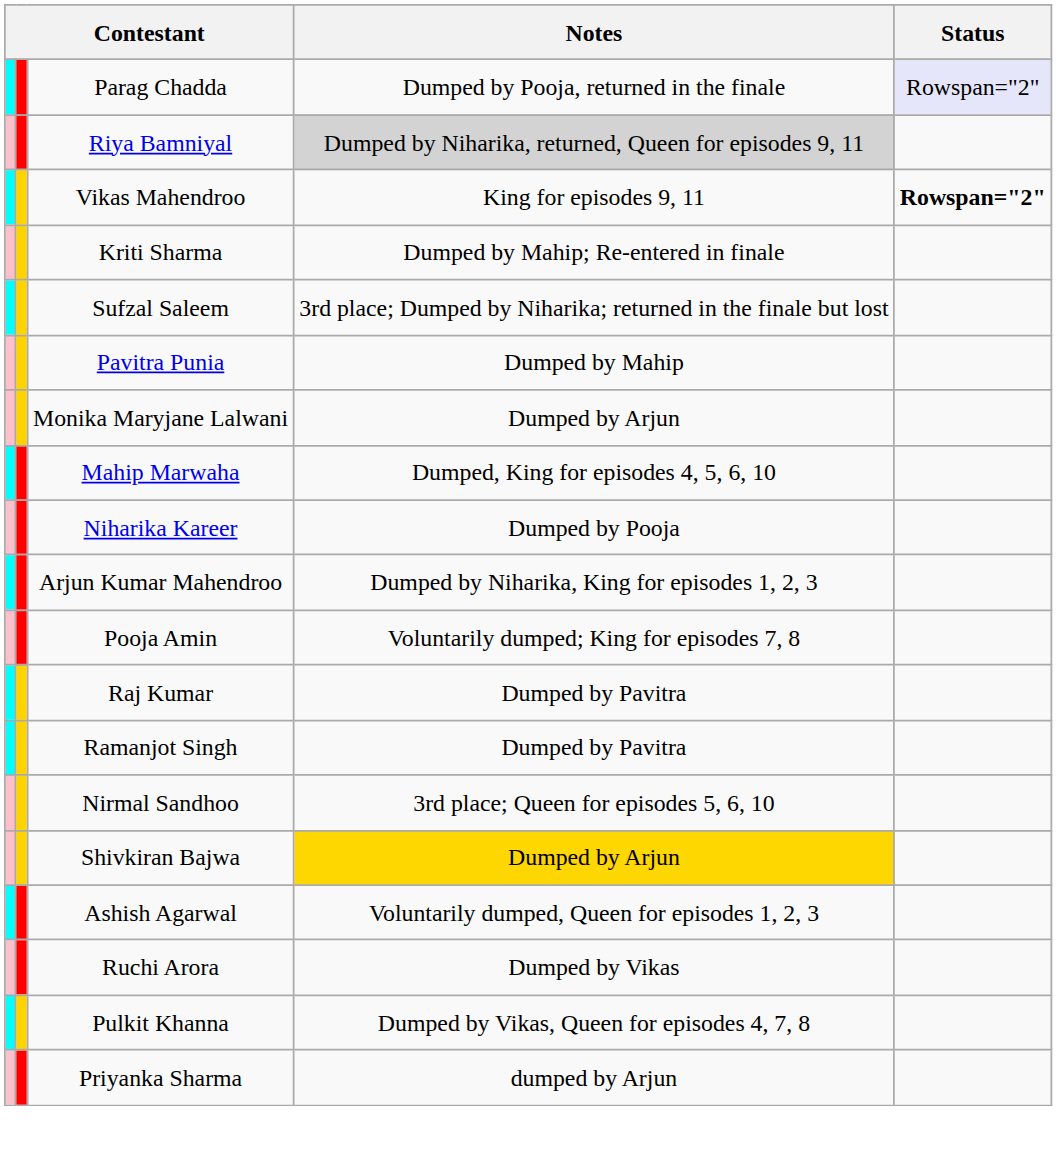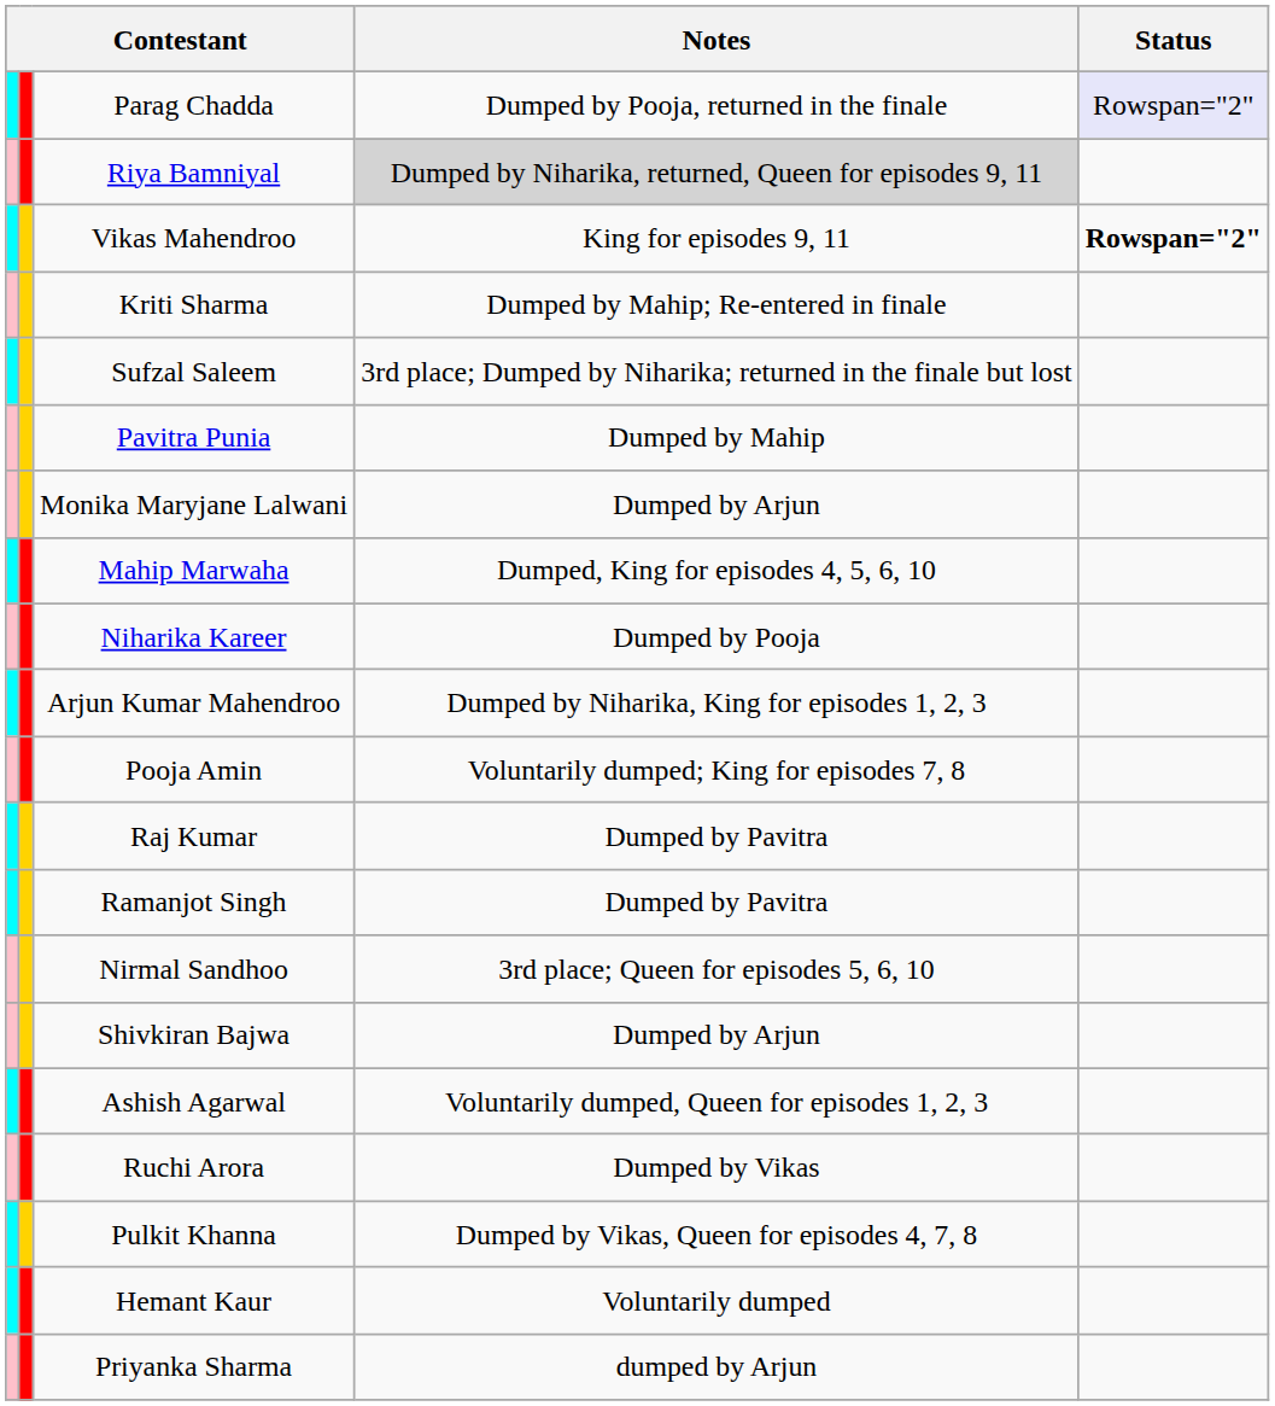 <table class="wikitable sortable" style=" text-align:center; font-size:85%;  line-height:25px; width:auto;">
 <tr>
 <th colspan="3">Contestant</th>
 <th scope="col">Notes</th>
 <th scope="col">Status</th>
 </tr>
 <tr>
 <th style="background:#00FFFF;"></th>
 <th style="background:#FF0000;"></th>
 <td>Parag Chadda</td>
 <td>Dumped by Pooja, returned in the finale</td>
 <td style="background: lavender;">Rowspan="2" </td>
 </tr>
 <tr>
 <th style="background:#FFC0CB;"></th>
 <th style="background:#FF0000;"></th>
 <td><a href='#'>Riya Bamniyal</a></td>
 <td style="background: lightgrey;">Dumped by Niharika, returned, Queen for episodes 9, 11</td>
 </tr>
 <tr>
 <th style="background:#00FFFF;"></th>
 <th style="background:#FFD300;"></th>
 <td>Vikas Mahendroo</td>
 <td>King for episodes 9, 11</td>
 <td><strong>Rowspan="2"</strong></td>
 </tr>
 <tr>
 <th style="background:#FFC0CB;"></th>
 <th style="background:#FFD300;"></th>
 <td>Kriti Sharma</td>
 <td>Dumped by Mahip; Re-entered in finale</td>
 </tr>
 <tr>
 <th style="background:#00FFFF;"></th>
 <th style="background:#FFD300;"></th>
 <td>Sufzal Saleem</td>
 <td>3rd place; Dumped by Niharika; returned in the finale but lost</td>
 <td></td>
 </tr>
 <tr>
 <th style="background:#FFC0CB;"></th>
 <th style="background:#FFD300;"></th>
 <td><a href='#'>Pavitra Punia</a></td>
 <td>Dumped by Mahip</td>
 <td></td>
 </tr>
 <tr>
 <th style="background:#FFC0CB;"></th>
 <th style="background:#FFD300;"></th>
 <td>Monika Maryjane Lalwani</td>
 <td>Dumped by Arjun</td>
 <td></td>
 </tr>
 <tr>
 <th style="background:#00FFFF;"></th>
 <th style="background:#FF0000;"></th>
 <td><a href='#'>Mahip Marwaha</a></td>
 <td>Dumped, King for episodes 4, 5, 6, 10</td>
 <td></td>
 </tr>
 <tr>
 <th style="background:#FFC0CB;"></th>
 <th style="background:#FF0000;"></th>
 <td><a href='#'>Niharika Kareer</a></td>
 <td>Dumped by Pooja</td>
 <td></td>
 </tr>
 <tr>
 <th style="background:#00FFFF;"></th>
 <th style="background:#FF0000;"></th>
 <td>Arjun Kumar Mahendroo</td>
 <td>Dumped by Niharika, King for episodes 1, 2, 3</td>
 <td></td>
 </tr>
 <tr>
 <th style="background:#FFC0CB;"></th>
 <th style="background:#FF0000;"></th>
 <td>Pooja Amin</td>
 <td>Voluntarily dumped; King for episodes 7, 8</td>
 <td></td>
 </tr>
 <tr>
 <th style="background:#00FFFF;"></th>
 <th style="background:#FFD300;"></th>
 <td>Raj Kumar</td>
 <td>Dumped by Pavitra</td>
 <td></td>
 </tr>
 <tr>
 <th style="background:#00FFFF;"></th>
 <th style="background:#FFD300;"></th>
 <td>Ramanjot Singh</td>
 <td>Dumped by Pavitra</td>
 <td></td>
 </tr>
 <tr>
 <th style="background:#FFC0CB;"></th>
 <th style="background:#FFD300;"></th>
 <td>Nirmal Sandhoo</td>
 <td>3rd place; Queen for episodes 5, 6, 10</td>
 <td></td>
 </tr>
 <tr>
 <th style="background:#FFC0CB;"></th>
 <th style="background:#FFD300;"></th>
 <td>Shivkiran Bajwa</td>
-<td style="background: gold;">Dumped by Arjun</td>
+<td>Dumped by Arjun</td>
 <td></td>
 </tr>
 <tr>
 <th style="background:#00FFFF;"></th>
 <th style="background:#FF0000;"></th>
 <td>Ashish Agarwal</td>
 <td>Voluntarily dumped, Queen for episodes 1, 2, 3</td>
 <td></td>
 </tr>
 <tr>
 <th style="background:#FFC0CB;"></th>
 <th style="background:#FF0000;"></th>
 <td>Ruchi Arora</td>
 <td>Dumped by Vikas</td>
 <td></td>
 </tr>
 <tr>
 <th style="background:#00FFFF;"></th>
 <th style="background:#FFD300;"></th>
 <td>Pulkit Khanna</td>
 <td>Dumped by Vikas, Queen for episodes 4, 7, 8</td>
 <td></td>
 </tr>
 <tr>
+<th style="background:#00FFFF;"></th>
+<th style="background:#FF0000;"></th>
+<td>Hemant Kaur</td>
+<td>Voluntarily dumped</td>
+<td></td>
+</tr>
+<tr>
 <th style="background:#FFC0CB;"></th>
 <th style="background:#FF0000;"></th>
 <td>Priyanka Sharma</td>
 <td>dumped by Arjun</td>
 <td></td>
 </tr>
 </table>
